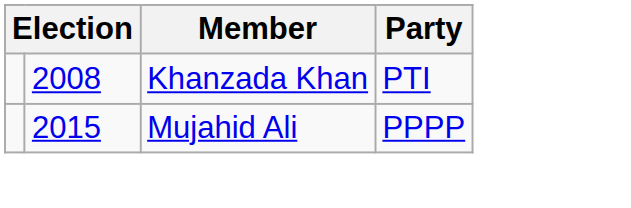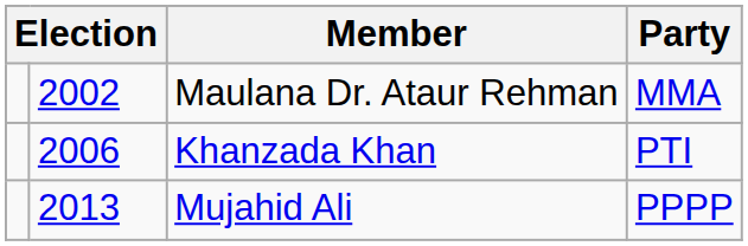 <table class="wikitable">
 <tr>
 <th colspan="2">Election</th>
 <th>Member</th>
 <th>Party</th>
 </tr>
 <tr>
 <td style="background-color: "></td>
-<td><a href='#'>2008</a></td>
+<td><a href='#'>2002</a></td>
+<td>Maulana Dr. Ataur Rehman</td>
+<td><a href='#'>MMA</a></td>
+</tr>
+<tr>
+<td style="background-color: "></td>
+<td><a href='#'>2006</a></td>
 <td><a href='#'>Khanzada Khan</a></td>
 <td><a href='#'>PTI</a></td>
 </tr>
 <tr>
 <td style="background-color: "></td>
-<td><a href='#'>2015</a></td>
+<td><a href='#'>2013</a></td>
 <td><a href='#'>Mujahid Ali</a></td>
 <td><a href='#'>PPPP</a></td>
 </tr>
 </table>
